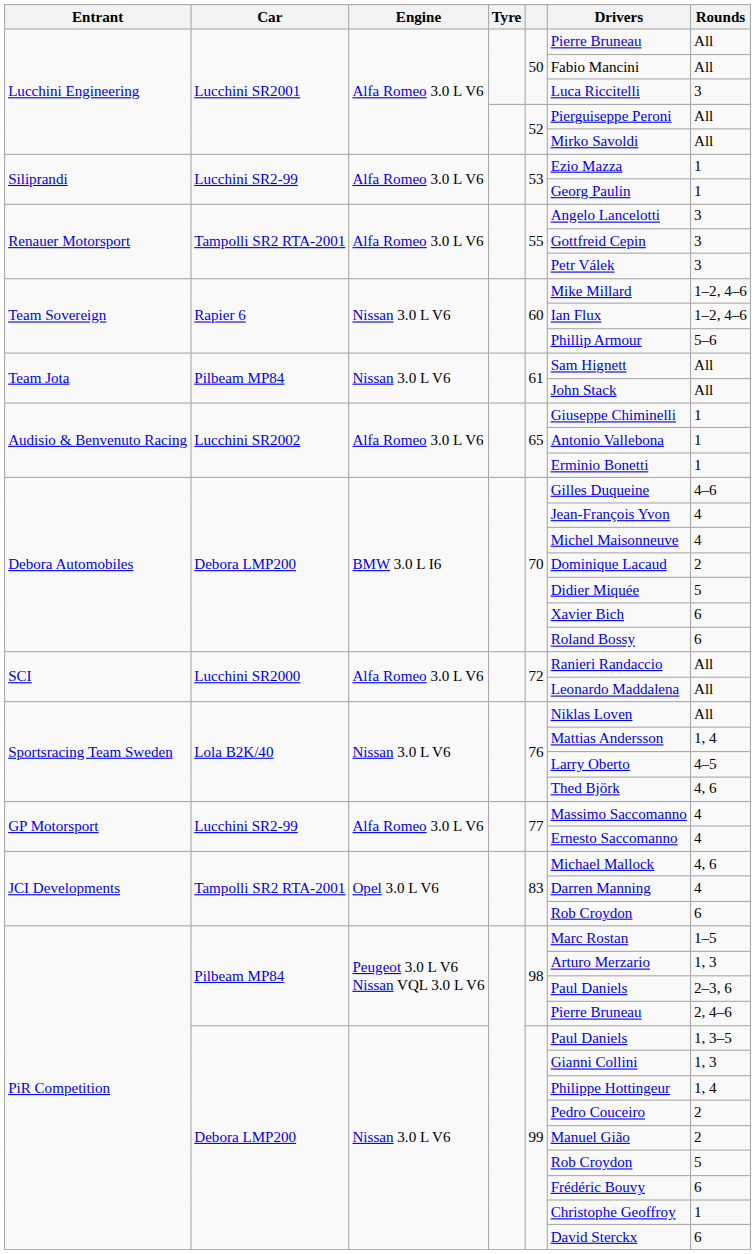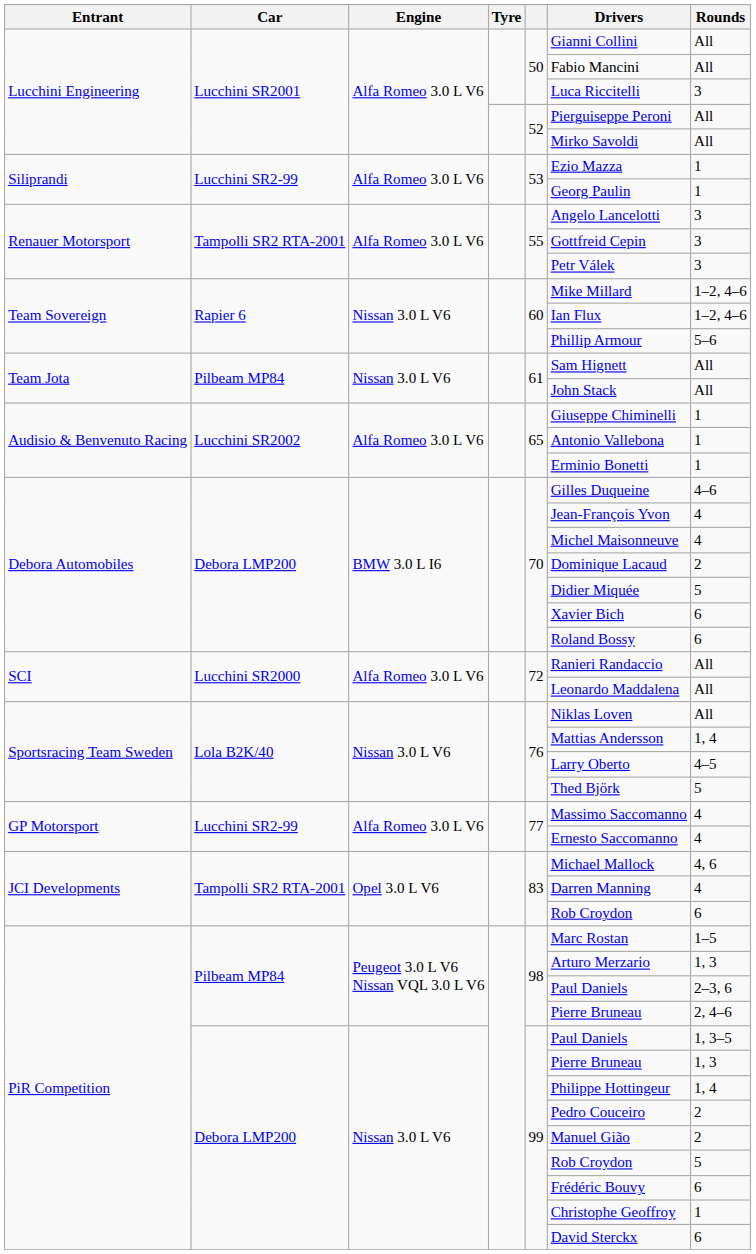 <table class="wikitable" style="font-size: 85%">
 <tr>
 <th>Entrant</th>
 <th>Car</th>
 <th>Engine</th>
 <th>Tyre</th>
 <th></th>
 <th>Drivers</th>
 <th>Rounds</th>
 </tr>
 <tr>
 <td rowspan=5> <a href='#'>Lucchini Engineering</a></td>
 <td rowspan=5><a href='#'>Lucchini SR2001</a></td>
 <td rowspan=5><a href='#'>Alfa Romeo</a> 3.0 L V6</td>
 <td rowspan=3></td>
 <td rowspan=3>50</td>
-<td> <a href='#'>Pierre Bruneau</a></td>
+<td> <a href='#'>Gianni Collini</a></td>
 <td>All</td>
 </tr>
 <tr>
 <td> Fabio Mancini</td>
 <td>All</td>
 </tr>
 <tr>
 <td> <a href='#'>Luca Riccitelli</a></td>
 <td>3</td>
 </tr>
 <tr>
 <td rowspan=2><br></td>
 <td rowspan=2>52</td>
 <td> <a href='#'>Pierguiseppe Peroni</a></td>
 <td>All</td>
 </tr>
 <tr>
 <td> <a href='#'>Mirko Savoldi</a></td>
 <td>All</td>
 </tr>
 <tr>
 <td rowspan=2> <a href='#'>Siliprandi</a></td>
 <td rowspan=2><a href='#'>Lucchini SR2-99</a></td>
 <td rowspan=2><a href='#'>Alfa Romeo</a> 3.0 L V6</td>
 <td rowspan=2></td>
 <td rowspan=2>53</td>
 <td> <a href='#'>Ezio Mazza</a></td>
 <td>1</td>
 </tr>
 <tr>
 <td> <a href='#'>Georg Paulin</a></td>
 <td>1</td>
 </tr>
 <tr>
 <td rowspan=3> <a href='#'>Renauer Motorsport</a></td>
 <td rowspan=3><a href='#'>Tampolli SR2 RTA-2001</a></td>
 <td rowspan=3><a href='#'>Alfa Romeo</a> 3.0 L V6</td>
 <td rowspan=3></td>
 <td rowspan=3>55</td>
 <td> <a href='#'>Angelo Lancelotti</a></td>
 <td>3</td>
 </tr>
 <tr>
 <td> <a href='#'>Gottfreid Cepin</a></td>
 <td>3</td>
 </tr>
 <tr>
 <td> <a href='#'>Petr Válek</a></td>
 <td>3</td>
 </tr>
 <tr>
 <td rowspan=3> <a href='#'>Team Sovereign</a></td>
 <td rowspan=3><a href='#'>Rapier 6</a></td>
 <td rowspan=3><a href='#'>Nissan</a> 3.0 L V6</td>
 <td rowspan=3></td>
 <td rowspan=3>60</td>
 <td> <a href='#'>Mike Millard</a></td>
 <td>1–2, 4–6</td>
 </tr>
 <tr>
 <td> <a href='#'>Ian Flux</a></td>
 <td>1–2, 4–6</td>
 </tr>
 <tr>
 <td> <a href='#'>Phillip Armour</a></td>
 <td>5–6</td>
 </tr>
 <tr>
 <td rowspan=2> <a href='#'>Team Jota</a></td>
 <td rowspan=2><a href='#'>Pilbeam MP84</a></td>
 <td rowspan=2><a href='#'>Nissan</a> 3.0 L V6</td>
 <td rowspan=2><br></td>
 <td rowspan=2>61</td>
 <td> <a href='#'>Sam Hignett</a></td>
 <td>All</td>
 </tr>
 <tr>
 <td> <a href='#'>John Stack</a></td>
 <td>All</td>
 </tr>
 <tr>
 <td rowspan=3> <a href='#'>Audisio & Benvenuto Racing</a></td>
 <td rowspan=3><a href='#'>Lucchini SR2002</a></td>
 <td rowspan=3><a href='#'>Alfa Romeo</a> 3.0 L V6</td>
 <td rowspan=3></td>
 <td rowspan=3>65</td>
 <td> <a href='#'>Giuseppe Chiminelli</a></td>
 <td>1</td>
 </tr>
 <tr>
 <td> <a href='#'>Antonio Vallebona</a></td>
 <td>1</td>
 </tr>
 <tr>
 <td> <a href='#'>Erminio Bonetti</a></td>
 <td>1</td>
 </tr>
 <tr>
 <td rowspan=7> <a href='#'>Debora Automobiles</a></td>
 <td rowspan=7><a href='#'>Debora LMP200</a></td>
 <td rowspan=7><a href='#'>BMW</a> 3.0 L I6</td>
 <td rowspan=7></td>
 <td rowspan=7>70</td>
 <td> <a href='#'>Gilles Duqueine</a></td>
 <td>4–6</td>
 </tr>
 <tr>
 <td> <a href='#'>Jean-François Yvon</a></td>
 <td>4</td>
 </tr>
 <tr>
 <td> <a href='#'>Michel Maisonneuve</a></td>
 <td>4</td>
 </tr>
 <tr>
 <td> <a href='#'>Dominique Lacaud</a></td>
 <td>2</td>
 </tr>
 <tr>
 <td> <a href='#'>Didier Miquée</a></td>
 <td>5</td>
 </tr>
 <tr>
 <td> <a href='#'>Xavier Bich</a></td>
 <td>6</td>
 </tr>
 <tr>
 <td> <a href='#'>Roland Bossy</a></td>
 <td>6</td>
 </tr>
 <tr>
 <td rowspan=2> <a href='#'>SCI</a></td>
 <td rowspan=2><a href='#'>Lucchini SR2000</a></td>
 <td rowspan=2><a href='#'>Alfa Romeo</a> 3.0 L V6</td>
 <td rowspan=2><br></td>
 <td rowspan=2>72</td>
 <td> <a href='#'>Ranieri Randaccio</a></td>
 <td>All</td>
 </tr>
 <tr>
 <td> <a href='#'>Leonardo Maddalena</a></td>
 <td>All</td>
 </tr>
 <tr>
 <td rowspan=4> <a href='#'>Sportsracing Team Sweden</a></td>
 <td rowspan=4><a href='#'>Lola B2K/40</a></td>
 <td rowspan=4><a href='#'>Nissan</a> 3.0 L V6</td>
 <td rowspan=4><br></td>
 <td rowspan=4>76</td>
 <td> <a href='#'>Niklas Loven</a></td>
 <td>All</td>
 </tr>
 <tr>
 <td> <a href='#'>Mattias Andersson</a></td>
 <td>1, 4</td>
 </tr>
 <tr>
 <td> <a href='#'>Larry Oberto</a></td>
 <td>4–5</td>
 </tr>
 <tr>
 <td> <a href='#'>Thed Björk</a></td>
-<td>4, 6</td>
+<td>5</td>
 </tr>
 <tr>
 <td rowspan=2> <a href='#'>GP Motorsport</a></td>
 <td rowspan=2><a href='#'>Lucchini SR2-99</a></td>
 <td rowspan=2><a href='#'>Alfa Romeo</a> 3.0 L V6</td>
 <td rowspan=2></td>
 <td rowspan=2>77</td>
 <td> <a href='#'>Massimo Saccomanno</a></td>
 <td>4</td>
 </tr>
 <tr>
 <td> <a href='#'>Ernesto Saccomanno</a></td>
 <td>4</td>
 </tr>
 <tr>
 <td rowspan=3> <a href='#'>JCI Developments</a></td>
 <td rowspan=3><a href='#'>Tampolli SR2 RTA-2001</a></td>
 <td rowspan=3><a href='#'>Opel</a> 3.0 L V6</td>
 <td rowspan=3></td>
 <td rowspan=3>83</td>
 <td> <a href='#'>Michael Mallock</a></td>
 <td>4, 6</td>
 </tr>
 <tr>
 <td> <a href='#'>Darren Manning</a></td>
 <td>4</td>
 </tr>
 <tr>
 <td> <a href='#'>Rob Croydon</a></td>
 <td>6</td>
 </tr>
 <tr>
 <td rowspan=13> <a href='#'>PiR Competition</a></td>
 <td rowspan=4><a href='#'>Pilbeam MP84</a></td>
 <td rowspan=4><a href='#'>Peugeot</a> 3.0 L V6<br><a href='#'>Nissan</a> VQL 3.0 L V6</td>
 <td rowspan=13></td>
 <td rowspan=4>98</td>
 <td> <a href='#'>Marc Rostan</a></td>
 <td>1–5</td>
 </tr>
 <tr>
 <td> <a href='#'>Arturo Merzario</a></td>
 <td>1, 3</td>
 </tr>
 <tr>
 <td> <a href='#'>Paul Daniels</a></td>
 <td>2–3, 6</td>
 </tr>
 <tr>
 <td> <a href='#'>Pierre Bruneau</a></td>
 <td>2, 4–6</td>
 </tr>
 <tr>
 <td rowspan=9><a href='#'>Debora LMP200</a></td>
 <td rowspan=9><a href='#'>Nissan</a> 3.0 L V6</td>
 <td rowspan=9>99</td>
 <td> <a href='#'>Paul Daniels</a></td>
 <td>1, 3–5</td>
 </tr>
 <tr>
-<td> <a href='#'>Gianni Collini</a></td>
+<td> <a href='#'>Pierre Bruneau</a></td>
 <td>1, 3</td>
 </tr>
 <tr>
 <td> <a href='#'>Philippe Hottingeur</a></td>
 <td>1, 4</td>
 </tr>
 <tr>
 <td> <a href='#'>Pedro Couceiro</a></td>
 <td>2</td>
 </tr>
 <tr>
 <td> <a href='#'>Manuel Gião</a></td>
 <td>2</td>
 </tr>
 <tr>
 <td> <a href='#'>Rob Croydon</a></td>
 <td>5</td>
 </tr>
 <tr>
 <td> <a href='#'>Frédéric Bouvy</a></td>
 <td>6</td>
 </tr>
 <tr>
 <td> <a href='#'>Christophe Geoffroy</a></td>
 <td>1</td>
 </tr>
 <tr>
 <td> <a href='#'>David Sterckx</a></td>
 <td>6</td>
 </tr>
 <tr>
 </tr>
 </table>
